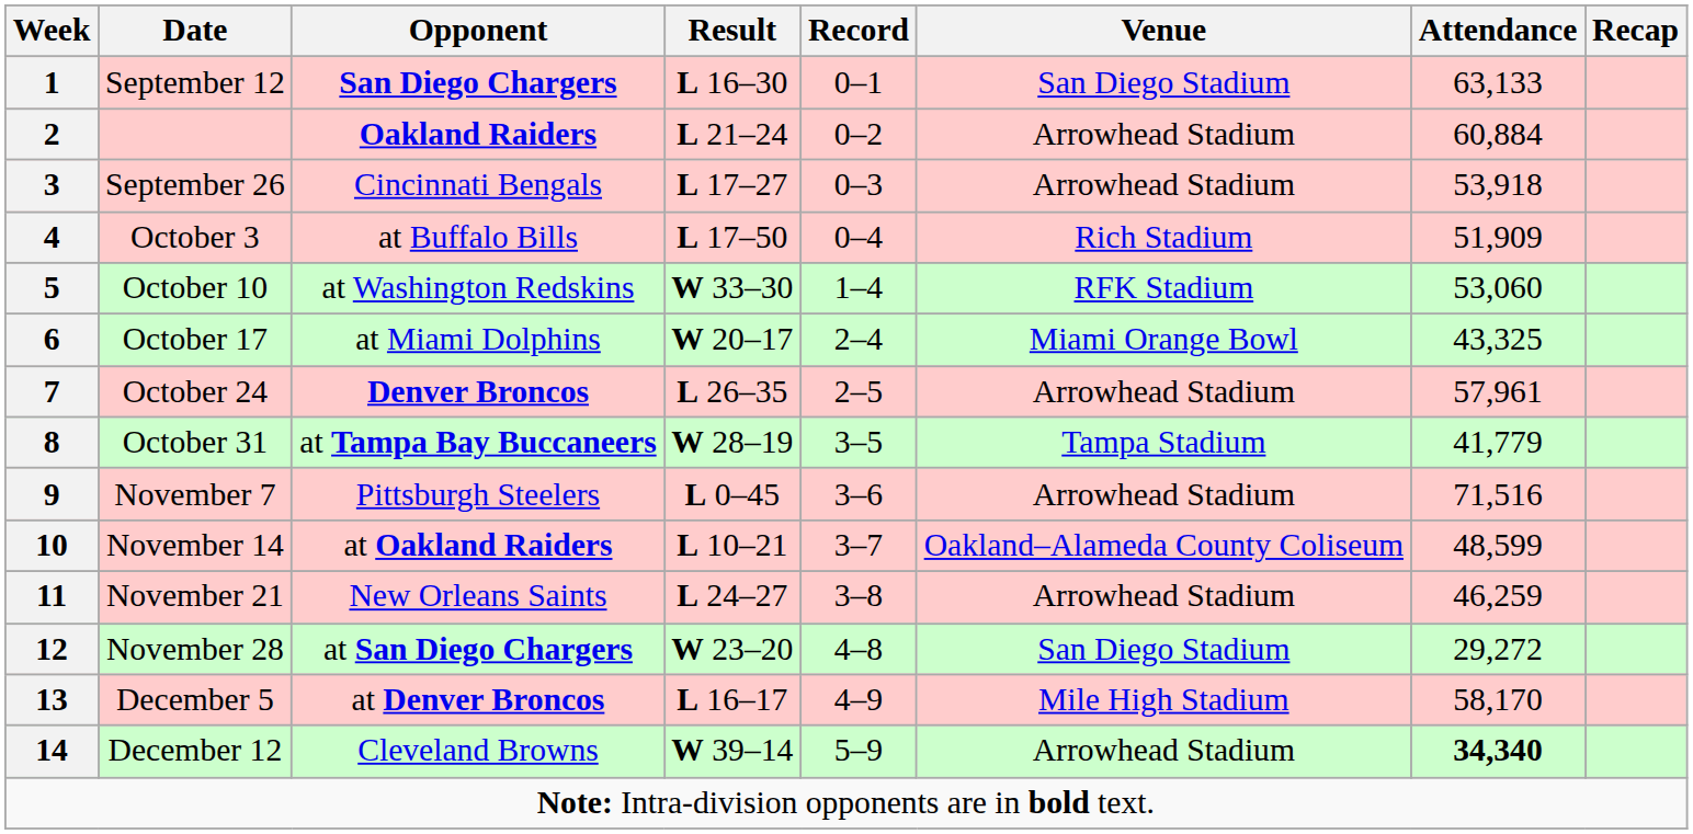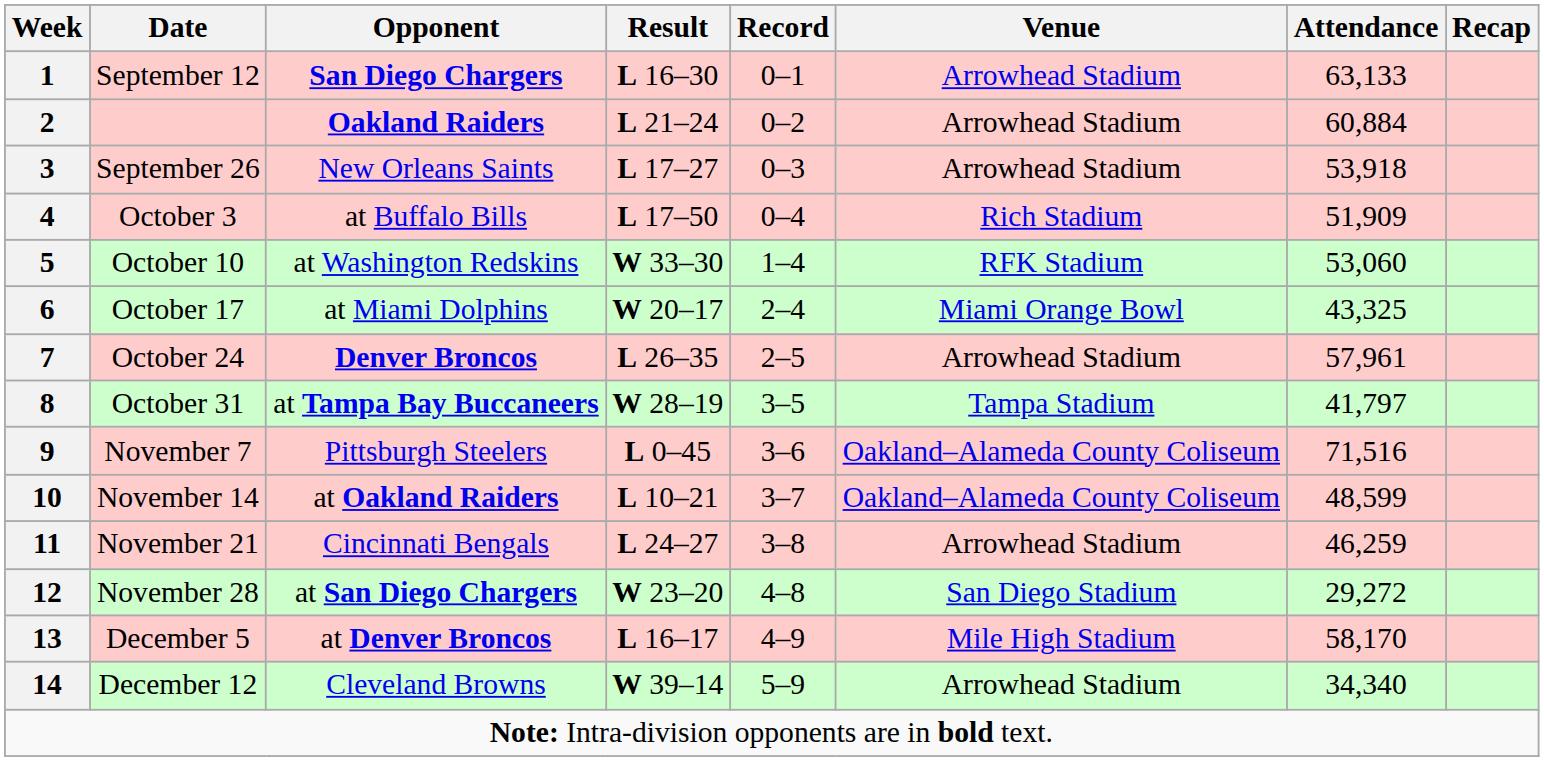 <table class="wikitable" style="text-align:center">
 <tr>
 <th>Week</th>
 <th>Date</th>
 <th>Opponent</th>
 <th>Result</th>
 <th>Record</th>
 <th>Venue</th>
 <th>Attendance</th>
 <th>Recap</th>
 </tr>
 <tr style="background:#fcc">
 <th>1</th>
 <td>September 12</td>
 <td><strong><a href='#'>San Diego Chargers</a></strong></td>
 <td><strong>L</strong> 16–30</td>
 <td>0–1</td>
-<td><a href='#'>San Diego Stadium</a></td>
+<td><a href='#'>Arrowhead Stadium</a></td>
 <td>63,133</td>
 <td></td>
 </tr>
 <tr style="background:#fcc">
 <th>2</th>
 <td></td>
 <td><strong><a href='#'>Oakland Raiders</a></strong></td>
 <td><strong>L</strong> 21–24</td>
 <td>0–2</td>
 <td>Arrowhead Stadium</td>
 <td>60,884</td>
 <td></td>
 </tr>
 <tr style="background:#fcc">
 <th>3</th>
 <td>September 26</td>
-<td><a href='#'>Cincinnati Bengals</a></td>
+<td><a href='#'>New Orleans Saints</a></td>
 <td><strong>L</strong> 17–27</td>
 <td>0–3</td>
 <td>Arrowhead Stadium</td>
 <td>53,918</td>
 <td></td>
 </tr>
 <tr style="background:#fcc">
 <th>4</th>
 <td>October 3</td>
 <td>at <a href='#'>Buffalo Bills</a></td>
 <td><strong>L</strong> 17–50</td>
 <td>0–4</td>
 <td><a href='#'>Rich Stadium</a></td>
 <td>51,909</td>
 <td></td>
 </tr>
 <tr style="background:#cfc">
 <th>5</th>
 <td>October 10</td>
 <td>at <a href='#'>Washington Redskins</a></td>
 <td><strong>W</strong> 33–30</td>
 <td>1–4</td>
 <td><a href='#'>RFK Stadium</a></td>
 <td>53,060</td>
 <td></td>
 </tr>
 <tr style="background:#cfc">
 <th>6</th>
 <td>October 17</td>
 <td>at <a href='#'>Miami Dolphins</a></td>
 <td><strong>W</strong> 20–17 </td>
 <td>2–4</td>
 <td><a href='#'>Miami Orange Bowl</a></td>
 <td>43,325</td>
 <td></td>
 </tr>
 <tr style="background:#fcc">
 <th>7</th>
 <td>October 24</td>
 <td><strong><a href='#'>Denver Broncos</a></strong></td>
 <td><strong>L</strong> 26–35</td>
 <td>2–5</td>
 <td>Arrowhead Stadium</td>
 <td>57,961</td>
 <td></td>
 </tr>
 <tr style="background:#cfc">
 <th>8</th>
 <td>October 31</td>
 <td>at <strong><a href='#'>Tampa Bay Buccaneers</a></strong></td>
 <td><strong>W</strong> 28–19</td>
 <td>3–5</td>
 <td><a href='#'>Tampa Stadium</a></td>
-<td>41,779</td>
+<td>41,797</td>
 <td></td>
 </tr>
 <tr style="background:#fcc">
 <th>9</th>
 <td>November 7</td>
 <td><a href='#'>Pittsburgh Steelers</a></td>
 <td><strong>L</strong> 0–45</td>
 <td>3–6</td>
-<td>Arrowhead Stadium</td>
+<td><a href='#'>Oakland–Alameda County Coliseum</a></td>
 <td>71,516</td>
 <td></td>
 </tr>
 <tr style="background:#fcc">
 <th>10</th>
 <td>November 14</td>
 <td>at <strong><a href='#'>Oakland Raiders</a></strong></td>
 <td><strong>L</strong> 10–21</td>
 <td>3–7</td>
 <td><a href='#'>Oakland–Alameda County Coliseum</a></td>
 <td>48,599</td>
 <td></td>
 </tr>
 <tr style="background:#fcc">
 <th>11</th>
 <td>November 21</td>
-<td><a href='#'>New Orleans Saints</a></td>
+<td><a href='#'>Cincinnati Bengals</a></td>
 <td><strong>L</strong> 24–27</td>
 <td>3–8</td>
 <td>Arrowhead Stadium</td>
 <td>46,259</td>
 <td></td>
 </tr>
 <tr style="background:#cfc">
 <th>12</th>
 <td>November 28</td>
 <td>at <strong><a href='#'>San Diego Chargers</a></strong></td>
 <td><strong>W</strong> 23–20</td>
 <td>4–8</td>
 <td><a href='#'>San Diego Stadium</a></td>
 <td>29,272</td>
 <td></td>
 </tr>
 <tr style="background:#fcc">
 <th>13</th>
 <td>December 5</td>
 <td>at <strong><a href='#'>Denver Broncos</a></strong></td>
 <td><strong>L</strong> 16–17</td>
 <td>4–9</td>
 <td><a href='#'>Mile High Stadium</a></td>
 <td>58,170</td>
 <td></td>
 </tr>
 <tr style="background:#cfc">
 <th>14</th>
 <td>December 12</td>
 <td><a href='#'>Cleveland Browns</a></td>
 <td><strong>W</strong> 39–14</td>
 <td>5–9</td>
 <td>Arrowhead Stadium</td>
-<td><strong>34,340</strong></td>
+<td>34,340</td>
 <td></td>
 </tr>
 <tr>
 <td colspan="8"><strong>Note:</strong> Intra-division opponents are in <strong>bold</strong> text.</td>
 </tr>
 </table>
